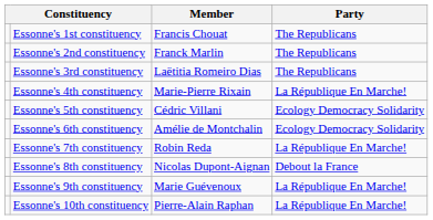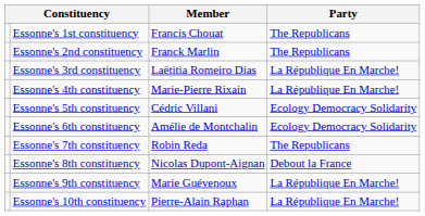 <table class="wikitable">
 <tr>
 <th colspan="2">Constituency</th>
 <th>Member</th>
 <th>Party</th>
 </tr>
 <tr>
 <td style="background-color: "></td>
 <td><a href='#'>Essonne's 1st constituency</a></td>
 <td><a href='#'>Francis Chouat</a></td>
 <td><a href='#'>The Republicans</a></td>
 </tr>
 <tr>
 <td style="background-color: "></td>
 <td><a href='#'>Essonne's 2nd constituency</a></td>
 <td><a href='#'>Franck Marlin</a></td>
 <td><a href='#'>The Republicans</a></td>
 </tr>
 <tr>
 <td style="background-color: "></td>
 <td><a href='#'>Essonne's 3rd constituency</a></td>
 <td><a href='#'>Laëtitia Romeiro Dias</a></td>
-<td><a href='#'>The Republicans</a></td>
+<td><a href='#'>La République En Marche!</a></td>
 </tr>
 <tr>
 <td style="background-color: "></td>
 <td><a href='#'>Essonne's 4th constituency</a></td>
 <td><a href='#'>Marie-Pierre Rixain</a></td>
 <td><a href='#'>La République En Marche!</a></td>
 </tr>
 <tr>
 <td style="background-color: "></td>
 <td><a href='#'>Essonne's 5th constituency</a></td>
 <td><a href='#'>Cédric Villani</a></td>
 <td><a href='#'>Ecology Democracy Solidarity</a></td>
 </tr>
 <tr>
 <td style="background-color: "></td>
 <td><a href='#'>Essonne's 6th constituency</a></td>
 <td><a href='#'>Amélie de Montchalin</a></td>
 <td><a href='#'>Ecology Democracy Solidarity</a></td>
 </tr>
 <tr>
 <td style="background-color: "></td>
 <td><a href='#'>Essonne's 7th constituency</a></td>
 <td><a href='#'>Robin Reda</a></td>
-<td><a href='#'>La République En Marche!</a></td>
+<td><a href='#'>The Republicans</a></td>
 </tr>
 <tr>
 <td style="background-color: "></td>
 <td><a href='#'>Essonne's 8th constituency</a></td>
 <td><a href='#'>Nicolas Dupont-Aignan</a></td>
 <td><a href='#'>Debout la France</a></td>
 </tr>
 <tr>
 <td style="background-color: "></td>
 <td><a href='#'>Essonne's 9th constituency</a></td>
 <td><a href='#'>Marie Guévenoux</a></td>
 <td><a href='#'>La République En Marche!</a></td>
 </tr>
 <tr>
 <td style="background-color: "></td>
 <td><a href='#'>Essonne's 10th constituency</a></td>
 <td><a href='#'>Pierre-Alain Raphan</a></td>
 <td><a href='#'>La République En Marche!</a></td>
 </tr>
 </table>
